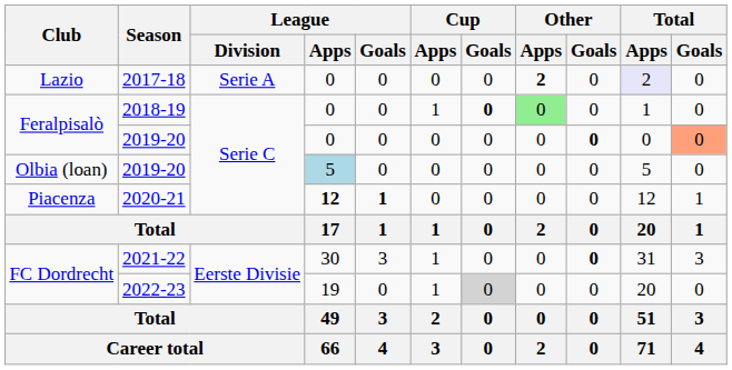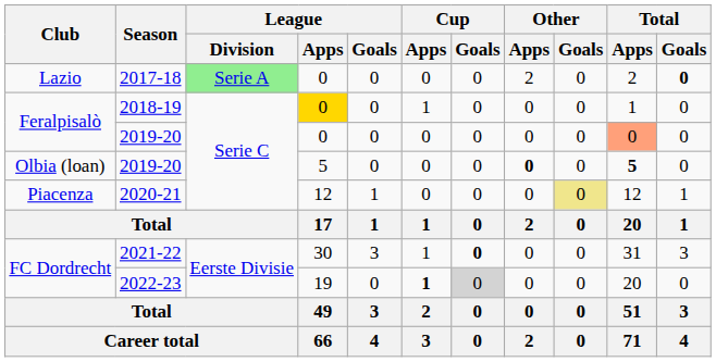 <table class="wikitable" style="text-align: center;">
 <tr>
 <th rowspan="2">Club</th>
 <th rowspan="2">Season</th>
 <th colspan="3">League</th>
 <th colspan="2">Cup</th>
 <th colspan="2">Other</th>
 <th colspan="2">Total</th>
 </tr>
 <tr>
 <th>Division</th>
 <th>Apps</th>
 <th>Goals</th>
 <th>Apps</th>
 <th>Goals</th>
 <th>Apps</th>
 <th>Goals</th>
 <th>Apps</th>
 <th>Goals</th>
 </tr>
 <tr>
 <td rowspan="1"><a href='#'>Lazio</a></td>
 <td><a href='#'>2017-18</a></td>
-<td><a href='#'>Serie A</a></td>
+<td style="background: lightgreen;"><a href='#'>Serie A</a></td>
 <td>0</td>
 <td>0</td>
 <td>0</td>
 <td>0</td>
-<td><strong>2</strong></td>
+<td>2</td>
 <td>0</td>
-<td style="background: lavender;">2</td>
-<td>0</td>
+<td>2</td>
+<td><strong>0</strong></td>
 </tr>
 <tr>
 <td rowspan="2"><a href='#'>Feralpisalò</a></td>
 <td><a href='#'>2018-19</a></td>
 <td rowspan="4"><a href='#'>Serie C</a></td>
+<td style="background: gold;">0</td>
+<td>0</td>
+<td>1</td>
 <td>0</td>
 <td>0</td>
-<td>1</td>
-<td><strong>0</strong></td>
-<td style="background: lightgreen;">0</td>
 <td>0</td>
 <td>1</td>
 <td>0</td>
 </tr>
 <tr>
 <td><a href='#'>2019-20</a></td>
 <td>0</td>
 <td>0</td>
 <td>0</td>
 <td>0</td>
 <td>0</td>
-<td><strong>0</strong></td>
 <td>0</td>
 <td style="background: lightsalmon;">0</td>
+<td>0</td>
 </tr>
 <tr>
 <td><a href='#'>Olbia</a> (loan)</td>
 <td><a href='#'>2019-20</a></td>
-<td style="background: lightblue;">5</td>
+<td>5</td>
 <td>0</td>
 <td>0</td>
 <td>0</td>
+<td><strong>0</strong></td>
 <td>0</td>
-<td>0</td>
-<td>5</td>
+<td><strong>5</strong></td>
 <td>0</td>
 </tr>
 <tr>
 <td><a href='#'>Piacenza</a></td>
 <td><a href='#'>2020-21</a></td>
-<td><strong>12</strong></td>
-<td><strong>1</strong></td>
+<td>12</td>
+<td>1</td>
 <td>0</td>
 <td>0</td>
 <td>0</td>
-<td>0</td>
+<td style="background: khaki;">0</td>
 <td>12</td>
 <td>1</td>
 </tr>
 <tr>
 <th colspan="3">Total</th>
 <th>17</th>
 <th>1</th>
 <th>1</th>
 <th>0</th>
 <th>2</th>
 <th>0</th>
 <th>20</th>
 <th>1</th>
 </tr>
 <tr>
 <td rowspan="2"><a href='#'>FC Dordrecht</a></td>
 <td><a href='#'>2021-22</a></td>
 <td rowspan="2"><a href='#'>Eerste Divisie</a></td>
 <td>30</td>
 <td>3</td>
 <td>1</td>
+<td><strong>0</strong></td>
 <td>0</td>
 <td>0</td>
-<td><strong>0</strong></td>
 <td>31</td>
 <td>3</td>
 </tr>
 <tr>
 <td><a href='#'>2022-23</a></td>
 <td>19</td>
 <td>0</td>
-<td>1</td>
+<td><strong>1</strong></td>
 <td style="background: lightgrey;">0</td>
 <td>0</td>
 <td>0</td>
 <td>20</td>
 <td>0</td>
 </tr>
 <tr>
 <th colspan="3">Total</th>
 <th>49</th>
 <th>3</th>
 <th>2</th>
 <th>0</th>
 <th>0</th>
 <th>0</th>
 <th>51</th>
 <th>3</th>
 </tr>
 <tr>
 <th colspan="3">Career total</th>
 <th>66</th>
 <th>4</th>
 <th>3</th>
 <th>0</th>
 <th>2</th>
 <th>0</th>
 <th>71</th>
 <th>4</th>
 </tr>
 </table>
